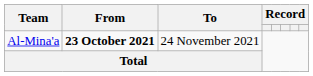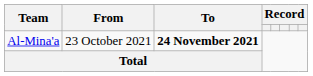 <table class=wikitable style=text-align:center>
 <tr>
 <th rowspan=2>Team</th>
 <th rowspan=2>From</th>
 <th rowspan=2>To</th>
 <th colspan=5>Record</th>
 </tr>
 <tr>
 <th></th>
 <th></th>
 <th></th>
 <th></th>
 <th></th>
 </tr>
 <tr>
 <td align=left><a href='#'>Al-Mina'a</a></td>
-<td align=left><strong>23 October 2021</strong></td>
-<td align=left>24 November 2021<br></td>
+<td align=left>23 October 2021</td>
+<td align=left><strong>24 November 2021<br></strong></td>
 </tr>
 <tr>
 <th colspan=3>Total<br></th>
 </tr>
 </table>
